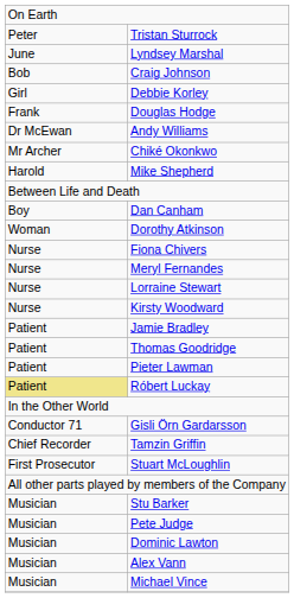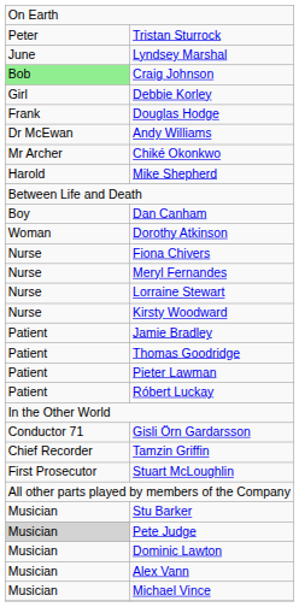 <table class="wikitable">
 <tr>
 <td colspan="2" align="left">On Earth</td>
 </tr>
 <tr>
 <td>Peter</td>
 <td><a href='#'>Tristan Sturrock</a></td>
 </tr>
 <tr>
 <td>June</td>
 <td><a href='#'>Lyndsey Marshal</a></td>
 </tr>
 <tr>
-<td>Bob</td>
+<td style="background: lightgreen;">Bob</td>
 <td><a href='#'>Craig Johnson</a></td>
 </tr>
 <tr>
 <td>Girl</td>
 <td><a href='#'>Debbie Korley</a></td>
 </tr>
 <tr>
 <td>Frank</td>
 <td><a href='#'>Douglas Hodge</a></td>
 </tr>
 <tr>
 <td>Dr McEwan</td>
 <td><a href='#'>Andy Williams</a></td>
 </tr>
 <tr>
 <td>Mr Archer</td>
 <td><a href='#'>Chiké Okonkwo</a></td>
 </tr>
 <tr>
 <td>Harold</td>
 <td><a href='#'>Mike Shepherd</a></td>
 </tr>
 <tr>
 <td colspan="2" align="left">Between Life and Death</td>
 </tr>
 <tr>
 <td>Boy</td>
 <td><a href='#'>Dan Canham</a></td>
 </tr>
 <tr>
 <td>Woman</td>
 <td><a href='#'>Dorothy Atkinson</a></td>
 </tr>
 <tr>
 <td>Nurse</td>
 <td><a href='#'>Fiona Chivers</a></td>
 </tr>
 <tr>
 <td>Nurse</td>
 <td><a href='#'>Meryl Fernandes</a></td>
 </tr>
 <tr>
 <td>Nurse</td>
 <td><a href='#'>Lorraine Stewart</a></td>
 </tr>
 <tr>
 <td>Nurse</td>
 <td><a href='#'>Kirsty Woodward</a></td>
 </tr>
 <tr>
 <td>Patient</td>
 <td><a href='#'>Jamie Bradley</a></td>
 </tr>
 <tr>
 <td>Patient</td>
 <td><a href='#'>Thomas Goodridge</a></td>
 </tr>
 <tr>
 <td>Patient</td>
 <td><a href='#'>Pieter Lawman</a></td>
 </tr>
 <tr>
-<td style="background: khaki;">Patient</td>
+<td>Patient</td>
 <td><a href='#'>Róbert Luckay</a></td>
 </tr>
 <tr>
 <td colspan="2" align="left">In the Other World</td>
 </tr>
 <tr>
 <td>Conductor 71</td>
 <td><a href='#'>Gisli Örn Gardarsson</a></td>
 </tr>
 <tr>
 <td>Chief Recorder</td>
 <td><a href='#'>Tamzin Griffin</a></td>
 </tr>
 <tr>
 <td>First Prosecutor</td>
 <td><a href='#'>Stuart McLoughlin</a></td>
 </tr>
 <tr>
 <td colspan="2" align="left">All other parts played by members of the Company</td>
 </tr>
 <tr>
 <td>Musician</td>
 <td><a href='#'>Stu Barker</a></td>
 </tr>
 <tr>
-<td>Musician</td>
+<td style="background: lightgrey;">Musician</td>
 <td><a href='#'>Pete Judge</a></td>
 </tr>
 <tr>
 <td>Musician</td>
 <td><a href='#'>Dominic Lawton</a></td>
 </tr>
 <tr>
 <td>Musician</td>
 <td><a href='#'>Alex Vann</a></td>
 </tr>
 <tr>
 <td>Musician</td>
 <td><a href='#'>Michael Vince</a></td>
 </tr>
 <tr>
 </tr>
 </table>
